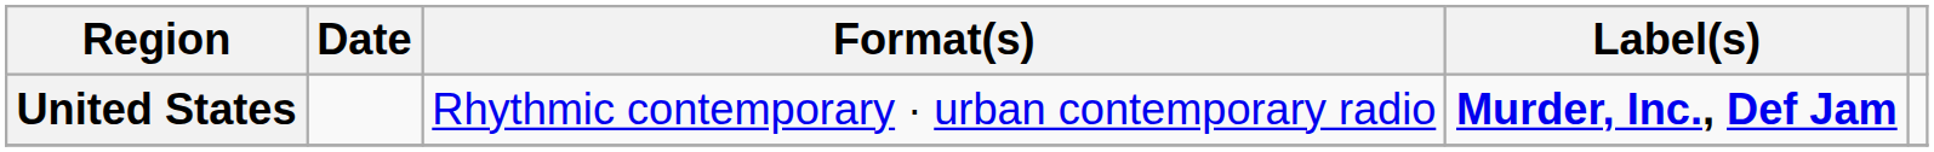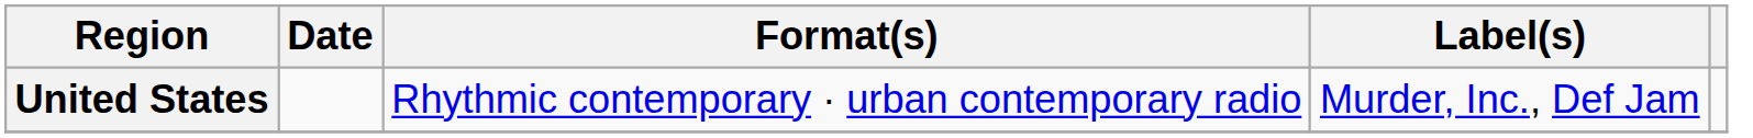 <table class="wikitable plainrowheaders" style="text-align:left">
 <tr>
 <th scope="col">Region</th>
 <th scope="col">Date</th>
 <th scope="col">Format(s)</th>
 <th scope="col">Label(s)</th>
 <th scope="col"></th>
 </tr>
 <tr>
 <th scope="row">United States</th>
 <td></td>
 <td><a href='#'>Rhythmic contemporary</a> · <a href='#'>urban contemporary radio</a></td>
-<td><strong><a href='#'>Murder, Inc.</a>, <a href='#'>Def Jam</a></strong></td>
+<td><a href='#'>Murder, Inc.</a>, <a href='#'>Def Jam</a></td>
 <td></td>
 </tr>
 <tr>
 </tr>
 </table>
